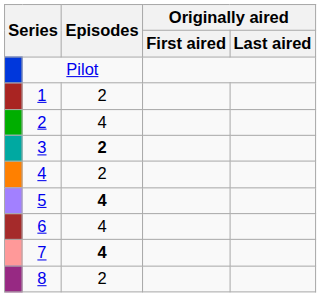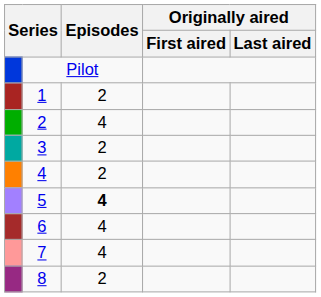 <table class="wikitable plainrowheaders" style="text-align:center;">
 <tr>
 <th colspan="2" rowspan="2">Series</th>
 <th rowspan="2">Episodes</th>
 <th colspan="2">Originally aired</th>
 </tr>
 <tr>
 <th>First aired</th>
 <th>Last aired</th>
 </tr>
 <tr>
 <td style="background: #0037DC;"></td>
 <td colspan="2"><a href='#'>Pilot</a></td>
 <td colspan="2"></td>
 </tr>
 <tr>
 <td style="background: #A92422;"></td>
 <td><a href='#'>1</a></td>
 <td>2</td>
 <td></td>
 <td></td>
 </tr>
 <tr>
 <td style="background: #00AE00;"></td>
 <td><a href='#'>2</a></td>
 <td>4</td>
 <td></td>
 <td></td>
 </tr>
 <tr>
 <td style="background: #00A9A1;"></td>
 <td><a href='#'>3</a></td>
-<td><strong>2</strong></td>
+<td>2</td>
 <td></td>
 <td></td>
 </tr>
 <tr>
 <td style="background: #FF8000;"></td>
 <td><a href='#'>4</a></td>
 <td>2</td>
 <td></td>
 <td></td>
 </tr>
 <tr>
 <td style="background: #A280FF;"></td>
 <td><a href='#'>5</a></td>
 <td><strong>4</strong></td>
 <td></td>
 <td></td>
 </tr>
 <tr>
 <td style="background: #A52A2A;"></td>
 <td><a href='#'>6</a></td>
 <td>4</td>
 <td></td>
 <td></td>
 </tr>
 <tr>
 <td style="background: #FF9999;"></td>
 <td><a href='#'>7</a></td>
-<td><strong>4</strong></td>
+<td>4</td>
 <td></td>
 <td></td>
 </tr>
 <tr>
 <td style="background: #972983;"></td>
 <td><a href='#'>8</a></td>
 <td>2</td>
 <td></td>
 <td></td>
 </tr>
 </table>
